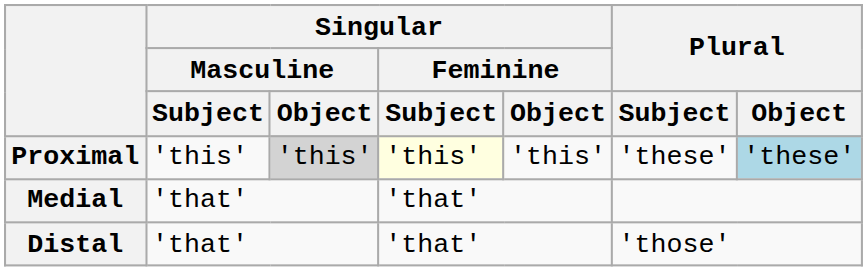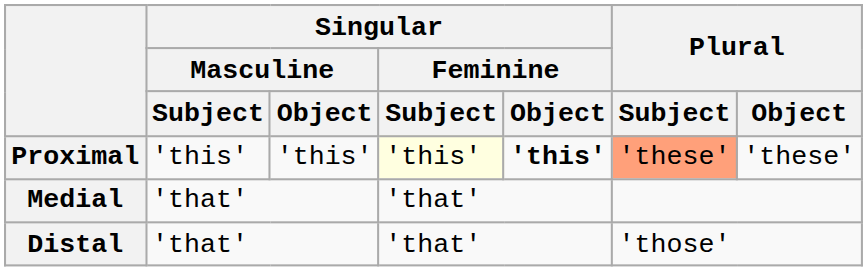 <table class="wikitable">
 <tr>
 <th rowspan="3"></th>
 <th colspan="4">Singular</th>
 <th rowspan="2" colspan="2">Plural</th>
 </tr>
 <tr>
 <th colspan="2">Masculine</th>
 <th colspan="2">Feminine</th>
 </tr>
 <tr>
 <th>Subject</th>
 <th>Object</th>
 <th>Subject</th>
 <th>Object</th>
 <th>Subject</th>
 <th>Object</th>
 </tr>
 <tr>
 <th>Proximal</th>
 <td> 'this'</td>
-<td style="background: lightgrey;"> 'this'</td>
+<td> 'this'</td>
 <td style="background: lightyellow;"> 'this'</td>
-<td> 'this'</td>
+<td><strong> 'this'</strong></td>
+<td style="background: lightsalmon;"> 'these'</td>
 <td> 'these'</td>
-<td style="background: lightblue;"> 'these'</td>
 </tr>
 <tr>
 <th>Medial</th>
 <td colspan="2"> 'that'</td>
 <td colspan="2"> 'that'</td>
 <td colspan="2"></td>
 </tr>
 <tr>
 <th>Distal</th>
 <td colspan="2"> 'that'</td>
 <td colspan="2"> 'that'</td>
 <td colspan="2"> 'those'</td>
 </tr>
 </table>
